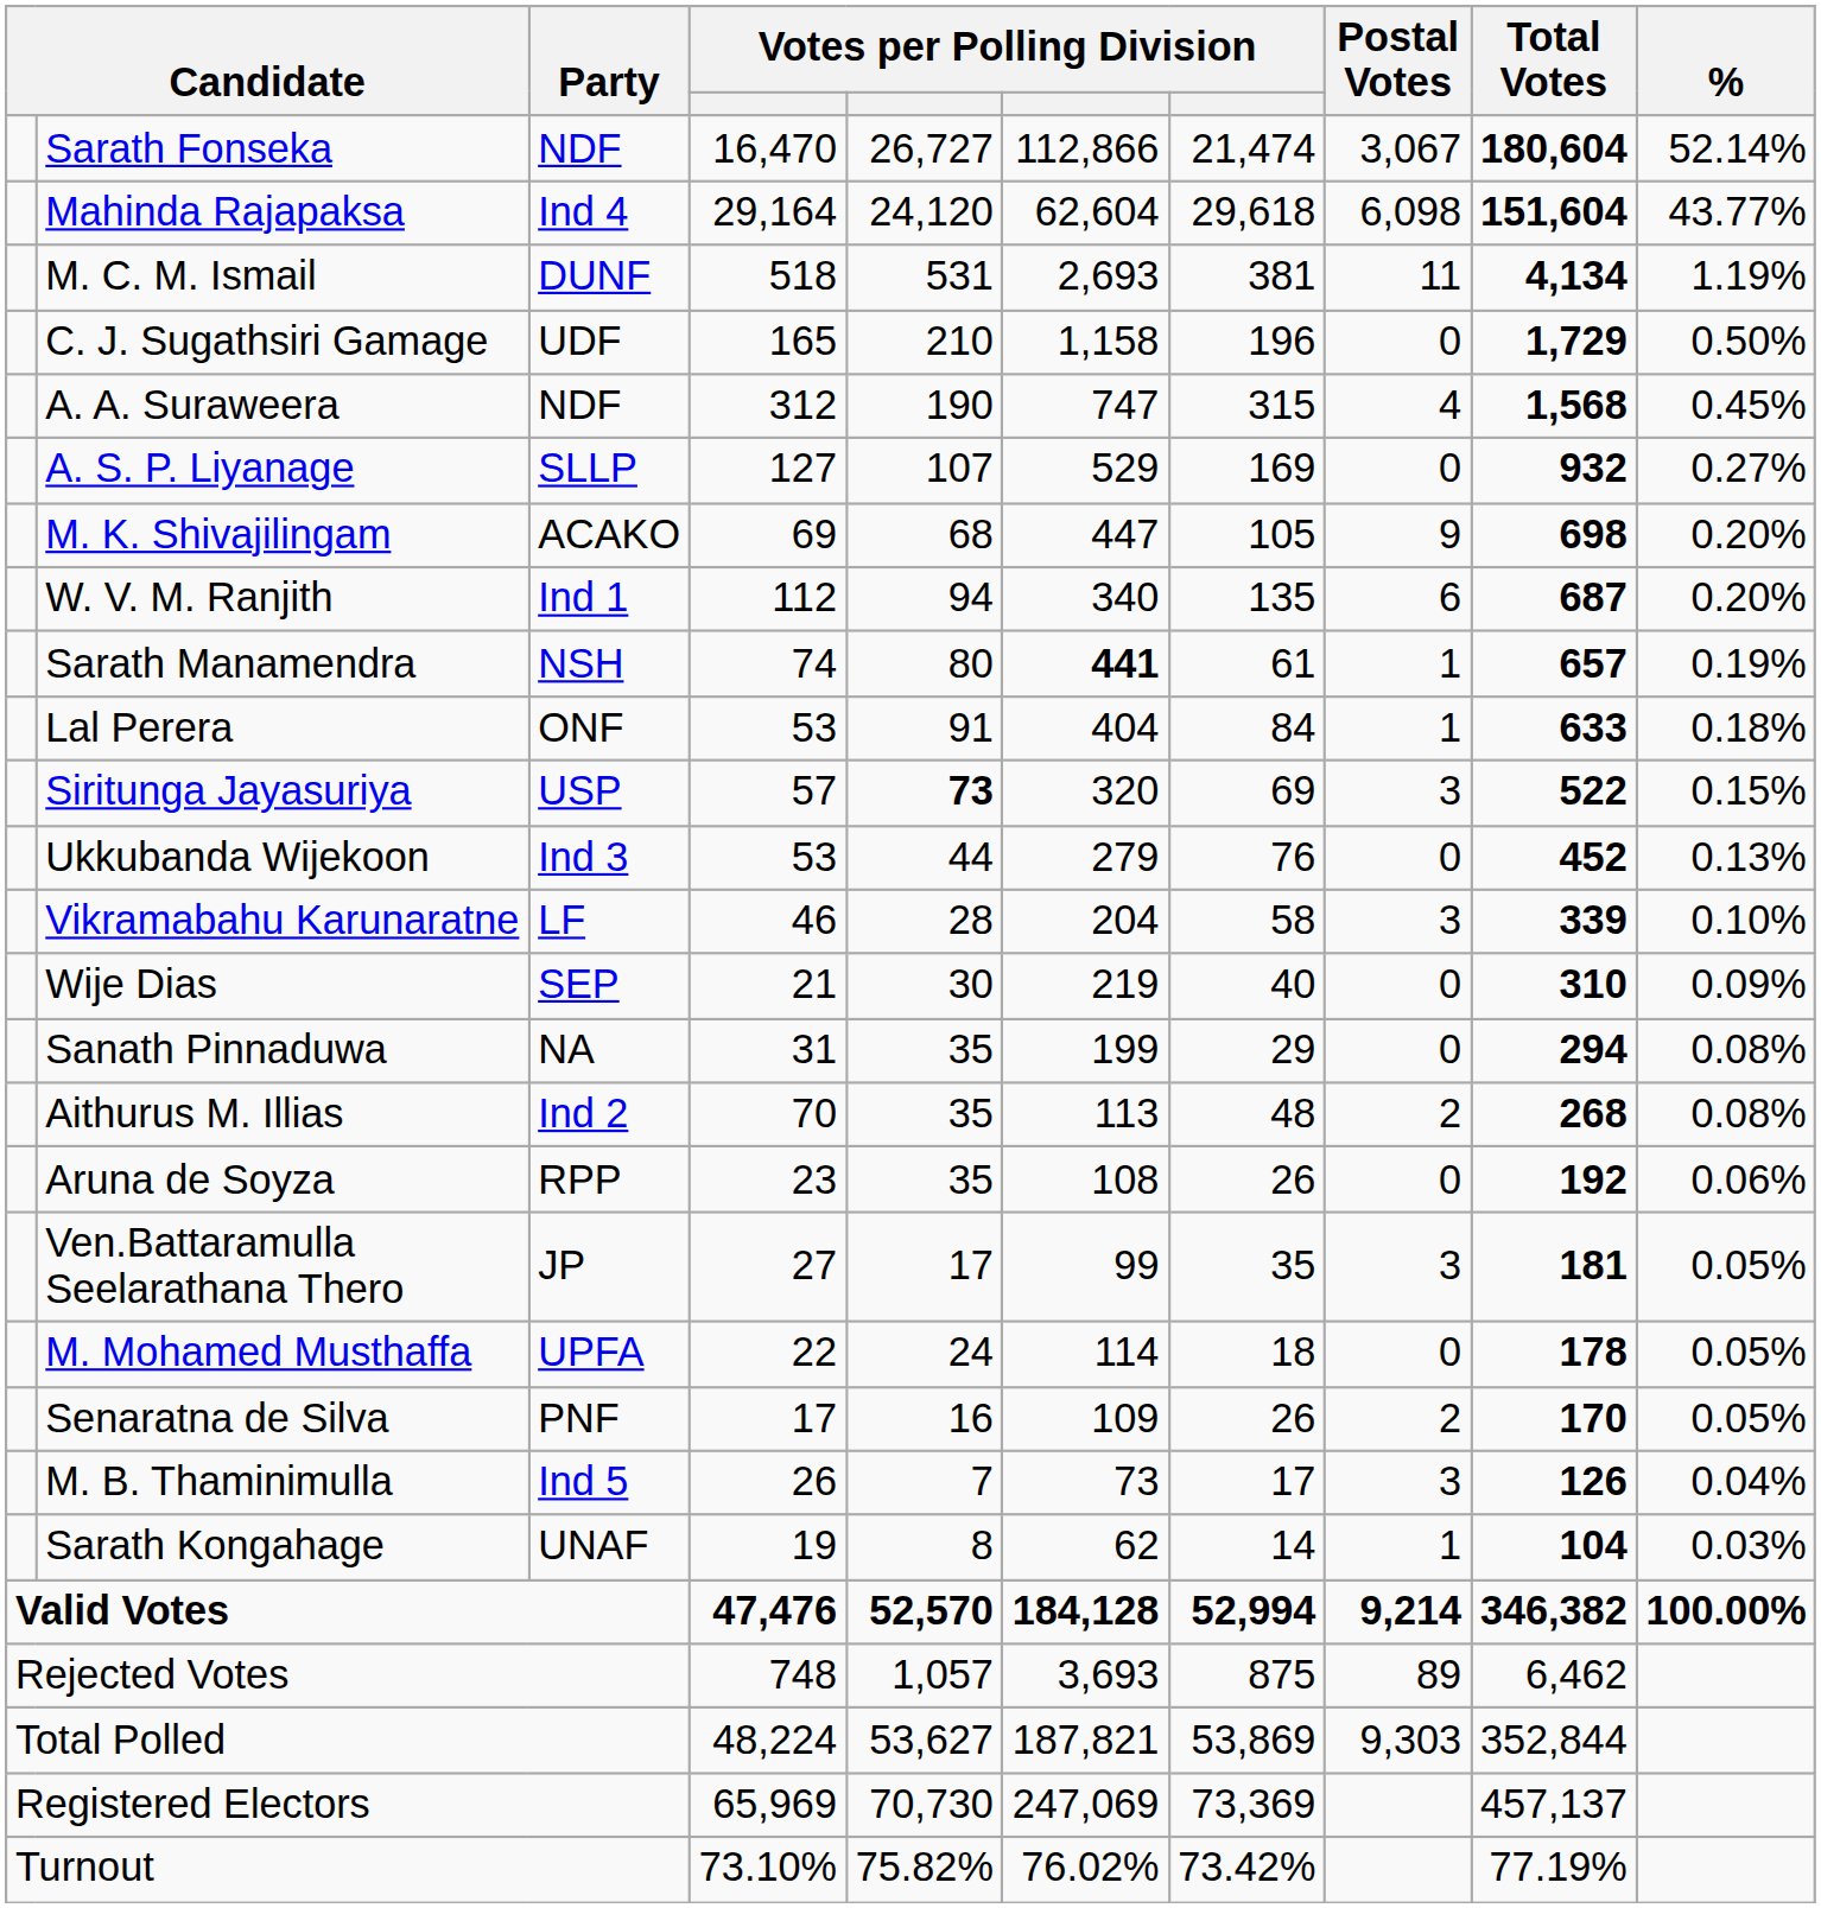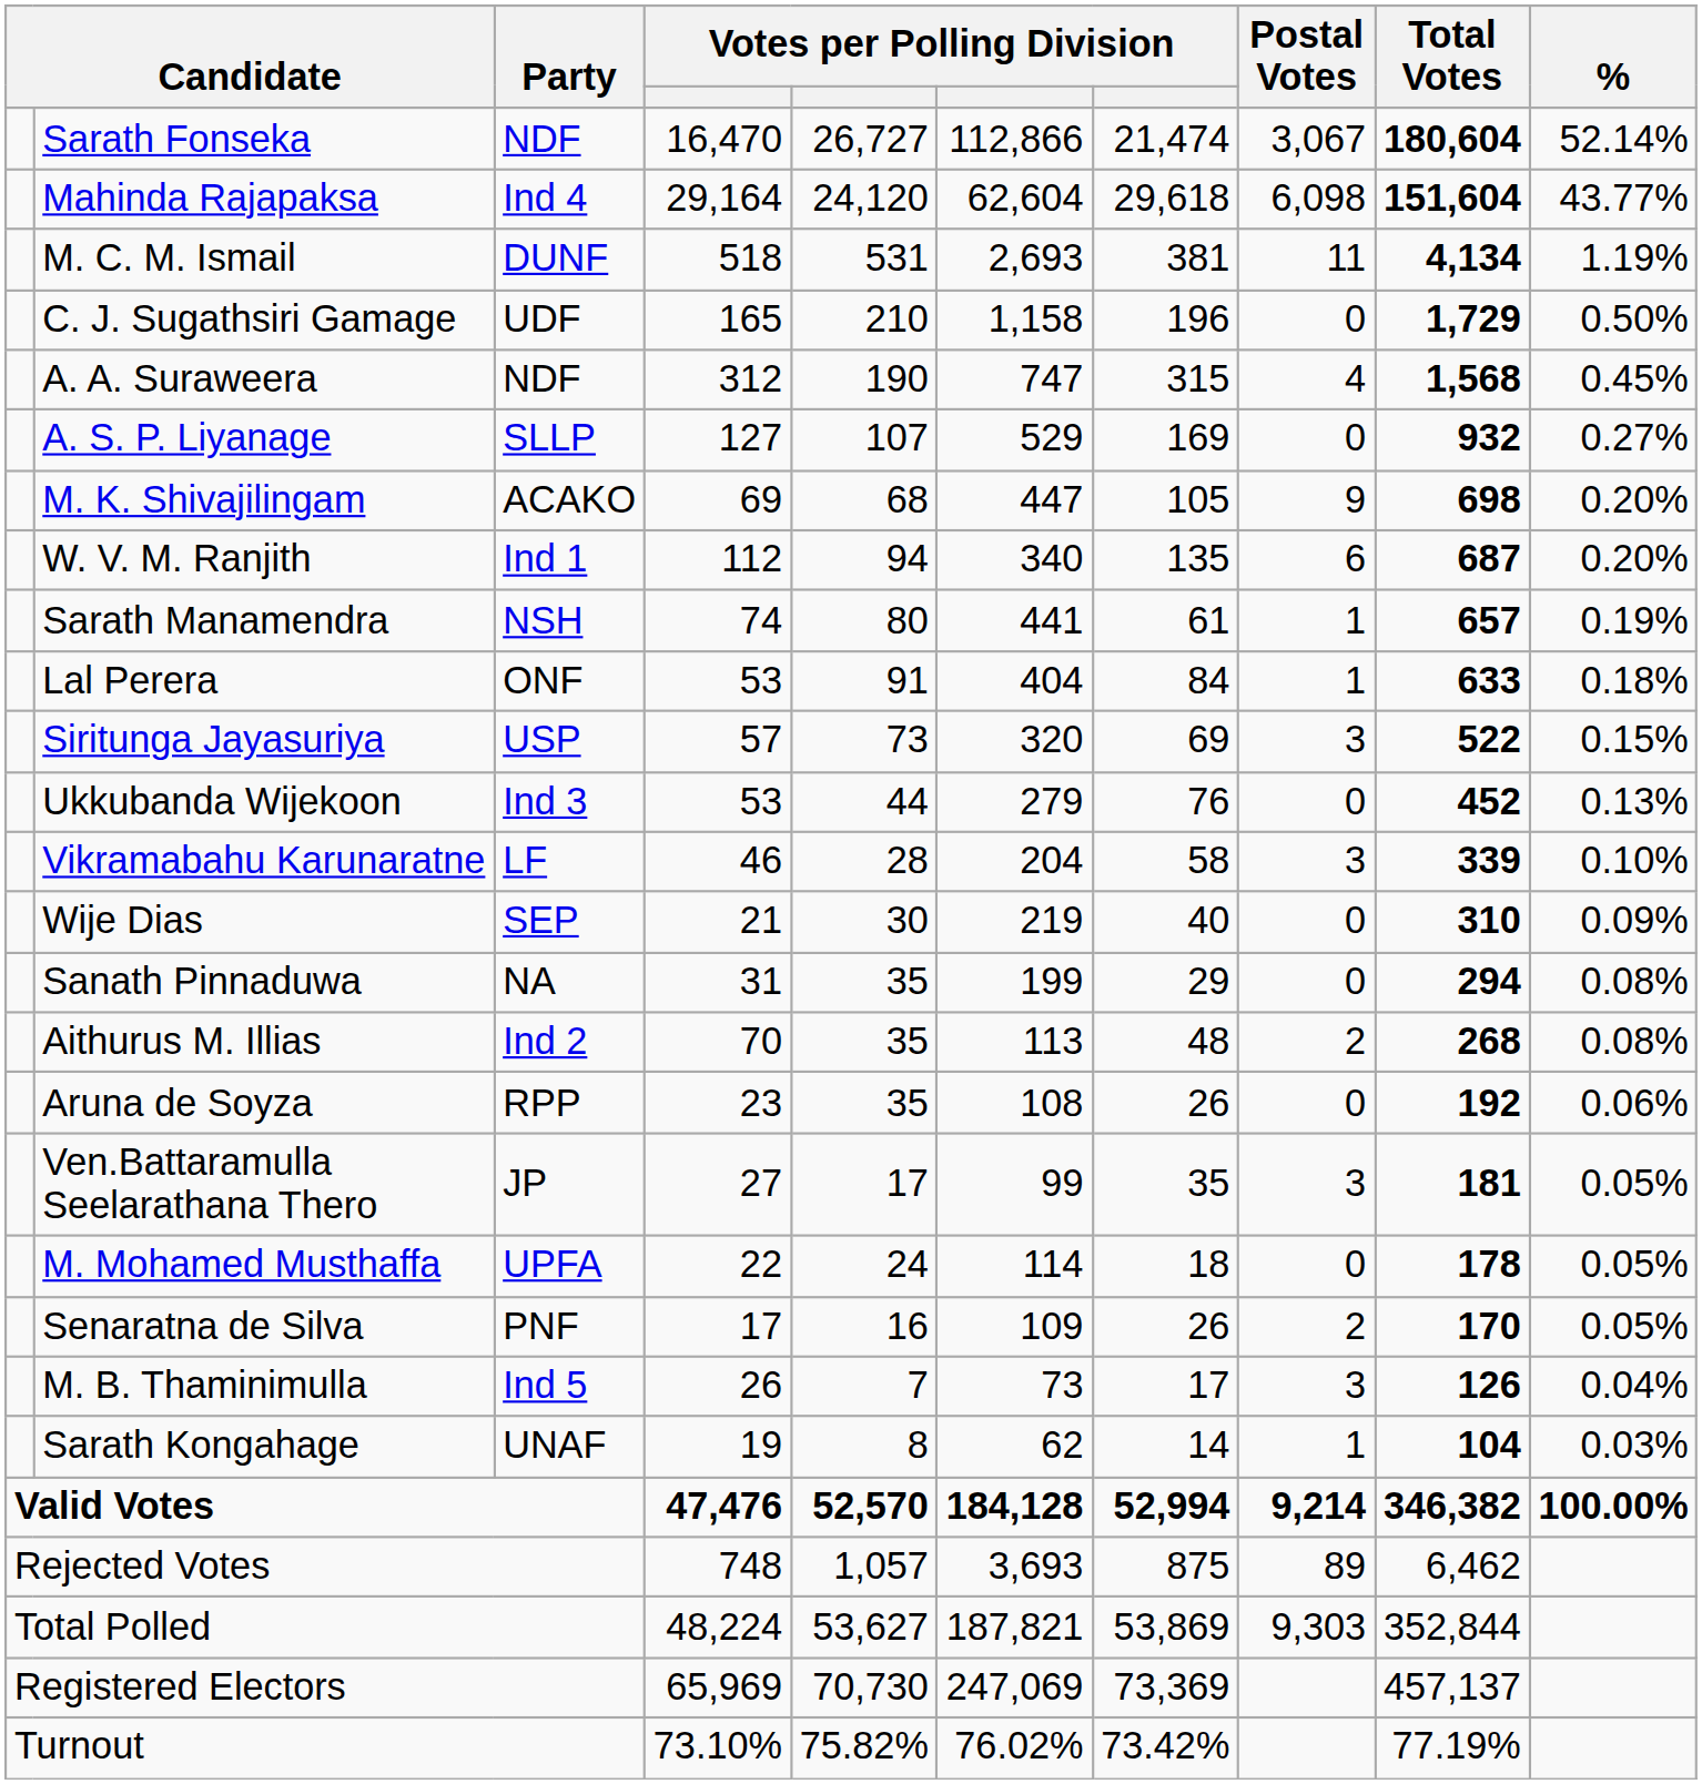 <table class="wikitable" border="1" style="text-align:right;">
 <tr>
 <th align=left valign=bottom rowspan=2 colspan=2 width="180">Candidate</th>
 <th align=left valign=bottom rowspan=2 width="40">Party</th>
 <th colspan=4>Votes per Polling Division</th>
 <th align=center valign=bottom rowspan=2 width="50">Postal<br>Votes</th>
 <th align=center valign=bottom rowspan=2 width="50">Total Votes</th>
 <th align=center valign=bottom rowspan=2 width="50">%</th>
 </tr>
 <tr>
 <th></th>
 <th></th>
 <th></th>
 <th></th>
 </tr>
 <tr>
 <td bgcolor=> </td>
 <td align=left><a href='#'>Sarath Fonseka</a></td>
 <td align=left><a href='#'>NDF</a></td>
 <td>16,470</td>
 <td>26,727</td>
 <td>112,866</td>
 <td>21,474</td>
 <td>3,067</td>
 <td><strong>180,604</strong></td>
 <td>52.14%</td>
 </tr>
 <tr>
 <td bgcolor=> </td>
 <td align=left><a href='#'>Mahinda Rajapaksa</a></td>
 <td align=left><a href='#'>Ind 4</a></td>
 <td>29,164</td>
 <td>24,120</td>
 <td>62,604</td>
 <td>29,618</td>
 <td>6,098</td>
 <td><strong>151,604</strong></td>
 <td>43.77%</td>
 </tr>
 <tr>
 <td bgcolor=> </td>
 <td align=left>M. C. M. Ismail</td>
 <td align=left><a href='#'>DUNF</a></td>
 <td>518</td>
 <td>531</td>
 <td>2,693</td>
 <td>381</td>
 <td>11</td>
 <td><strong>4,134</strong></td>
 <td>1.19%</td>
 </tr>
 <tr>
 <td bgcolor=> </td>
 <td align=left>C. J. Sugathsiri Gamage</td>
 <td align=left>UDF</td>
 <td>165</td>
 <td>210</td>
 <td>1,158</td>
 <td>196</td>
 <td>0</td>
 <td><strong>1,729</strong></td>
 <td>0.50%</td>
 </tr>
 <tr>
 <td bgcolor=> </td>
 <td align=left>A. A. Suraweera</td>
 <td align=left>NDF</td>
 <td>312</td>
 <td>190</td>
 <td>747</td>
 <td>315</td>
 <td>4</td>
 <td><strong>1,568</strong></td>
 <td>0.45%</td>
 </tr>
 <tr>
 <td bgcolor=> </td>
 <td align=left><a href='#'>A. S. P. Liyanage</a></td>
 <td align=left><a href='#'>SLLP</a></td>
 <td>127</td>
 <td>107</td>
 <td>529</td>
 <td>169</td>
 <td>0</td>
 <td><strong>932</strong></td>
 <td>0.27%</td>
 </tr>
 <tr>
 <td bgcolor=> </td>
 <td align=left><a href='#'>M. K. Shivajilingam</a></td>
 <td align=left>ACAKO</td>
 <td>69</td>
 <td>68</td>
 <td>447</td>
 <td>105</td>
 <td>9</td>
 <td><strong>698</strong></td>
 <td>0.20%</td>
 </tr>
 <tr>
 <td bgcolor=> </td>
 <td align=left>W. V. M. Ranjith</td>
 <td align=left><a href='#'>Ind 1</a></td>
 <td>112</td>
 <td>94</td>
 <td>340</td>
 <td>135</td>
 <td>6</td>
 <td><strong>687</strong></td>
 <td>0.20%</td>
 </tr>
 <tr>
 <td bgcolor=> </td>
 <td align=left>Sarath Manamendra</td>
 <td align=left><a href='#'>NSH</a></td>
 <td>74</td>
 <td>80</td>
-<td><strong>441</strong></td>
+<td>441</td>
 <td>61</td>
 <td>1</td>
 <td><strong>657</strong></td>
 <td>0.19%</td>
 </tr>
 <tr>
 <td bgcolor=> </td>
 <td align=left>Lal Perera</td>
 <td align=left>ONF</td>
 <td>53</td>
 <td>91</td>
 <td>404</td>
 <td>84</td>
 <td>1</td>
 <td><strong>633</strong></td>
 <td>0.18%</td>
 </tr>
 <tr>
 <td bgcolor=> </td>
 <td align=left><a href='#'>Siritunga Jayasuriya</a></td>
 <td align=left><a href='#'>USP</a></td>
 <td>57</td>
-<td><strong>73</strong></td>
+<td>73</td>
 <td>320</td>
 <td>69</td>
 <td>3</td>
 <td><strong>522</strong></td>
 <td>0.15%</td>
 </tr>
 <tr>
 <td bgcolor=> </td>
 <td align=left>Ukkubanda Wijekoon</td>
 <td align=left><a href='#'>Ind 3</a></td>
 <td>53</td>
 <td>44</td>
 <td>279</td>
 <td>76</td>
 <td>0</td>
 <td><strong>452</strong></td>
 <td>0.13%</td>
 </tr>
 <tr>
 <td bgcolor=> </td>
 <td align=left><a href='#'>Vikramabahu Karunaratne</a></td>
 <td align=left><a href='#'>LF</a></td>
 <td>46</td>
 <td>28</td>
 <td>204</td>
 <td>58</td>
 <td>3</td>
 <td><strong>339</strong></td>
 <td>0.10%</td>
 </tr>
 <tr>
 <td bgcolor=> </td>
 <td align=left>Wije Dias</td>
 <td align=left><a href='#'>SEP</a></td>
 <td>21</td>
 <td>30</td>
 <td>219</td>
 <td>40</td>
 <td>0</td>
 <td><strong>310</strong></td>
 <td>0.09%</td>
 </tr>
 <tr>
 <td bgcolor=> </td>
 <td align=left>Sanath Pinnaduwa</td>
 <td align=left>NA</td>
 <td>31</td>
 <td>35</td>
 <td>199</td>
 <td>29</td>
 <td>0</td>
 <td><strong>294</strong></td>
 <td>0.08%</td>
 </tr>
 <tr>
 <td bgcolor=> </td>
 <td align=left>Aithurus M. Illias</td>
 <td align=left><a href='#'>Ind 2</a></td>
 <td>70</td>
 <td>35</td>
 <td>113</td>
 <td>48</td>
 <td>2</td>
 <td><strong>268</strong></td>
 <td>0.08%</td>
 </tr>
 <tr>
 <td bgcolor=> </td>
 <td align=left>Aruna de Soyza</td>
 <td align=left>RPP</td>
 <td>23</td>
 <td>35</td>
 <td>108</td>
 <td>26</td>
 <td>0</td>
 <td><strong>192</strong></td>
 <td>0.06%</td>
 </tr>
 <tr>
 <td bgcolor=> </td>
 <td align=left>Ven.Battaramulla<br>Seelarathana Thero</td>
 <td align=left>JP</td>
 <td>27</td>
 <td>17</td>
 <td>99</td>
 <td>35</td>
 <td>3</td>
 <td><strong>181</strong></td>
 <td>0.05%</td>
 </tr>
 <tr>
 <td bgcolor=> </td>
 <td align=left><a href='#'>M. Mohamed Musthaffa</a></td>
 <td align=left><a href='#'>UPFA</a></td>
 <td>22</td>
 <td>24</td>
 <td>114</td>
 <td>18</td>
 <td>0</td>
 <td><strong>178</strong></td>
 <td>0.05%</td>
 </tr>
 <tr>
 <td bgcolor=> </td>
 <td align=left>Senaratna de Silva</td>
 <td align=left>PNF</td>
 <td>17</td>
 <td>16</td>
 <td>109</td>
 <td>26</td>
 <td>2</td>
 <td><strong>170</strong></td>
 <td>0.05%</td>
 </tr>
 <tr>
 <td bgcolor=> </td>
 <td align=left>M. B. Thaminimulla</td>
 <td align=left><a href='#'>Ind 5</a></td>
 <td>26</td>
 <td>7</td>
 <td>73</td>
 <td>17</td>
 <td>3</td>
 <td><strong>126</strong></td>
 <td>0.04%</td>
 </tr>
 <tr>
 <td bgcolor=> </td>
 <td align=left>Sarath Kongahage</td>
 <td align=left>UNAF</td>
 <td>19</td>
 <td>8</td>
 <td>62</td>
 <td>14</td>
 <td>1</td>
 <td><strong>104</strong></td>
 <td>0.03%</td>
 </tr>
 <tr>
 <td align=left colspan=3><strong>Valid Votes</strong></td>
 <td><strong>47,476</strong></td>
 <td><strong>52,570</strong></td>
 <td><strong>184,128</strong></td>
 <td><strong>52,994</strong></td>
 <td><strong>9,214</strong></td>
 <td><strong>346,382</strong></td>
 <td><strong>100.00%</strong></td>
 </tr>
 <tr>
 <td align=left colspan=3>Rejected Votes</td>
 <td>748</td>
 <td>1,057</td>
 <td>3,693</td>
 <td>875</td>
 <td>89</td>
 <td>6,462</td>
 <td></td>
 </tr>
 <tr>
 <td align=left colspan=3>Total Polled</td>
 <td>48,224</td>
 <td>53,627</td>
 <td>187,821</td>
 <td>53,869</td>
 <td>9,303</td>
 <td>352,844</td>
 <td></td>
 </tr>
 <tr>
 <td align=left colspan=3>Registered Electors</td>
 <td>65,969</td>
 <td>70,730</td>
 <td>247,069</td>
 <td>73,369</td>
 <td></td>
 <td>457,137</td>
 <td></td>
 </tr>
 <tr>
 <td align=left colspan=3>Turnout</td>
 <td>73.10%</td>
 <td>75.82%</td>
 <td>76.02%</td>
 <td>73.42%</td>
 <td></td>
 <td>77.19%</td>
 <td></td>
 </tr>
 </table>
